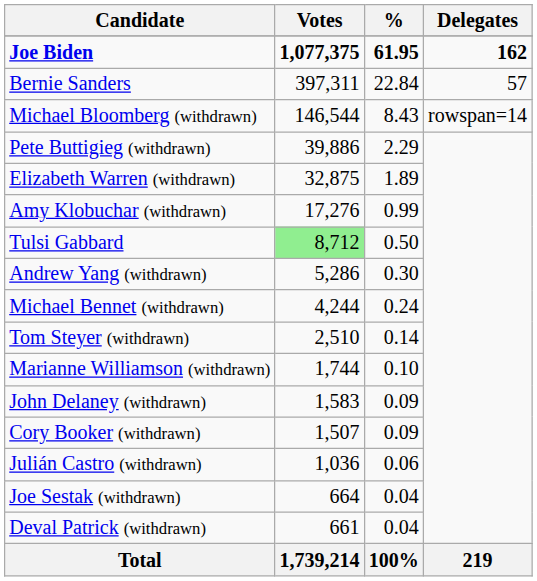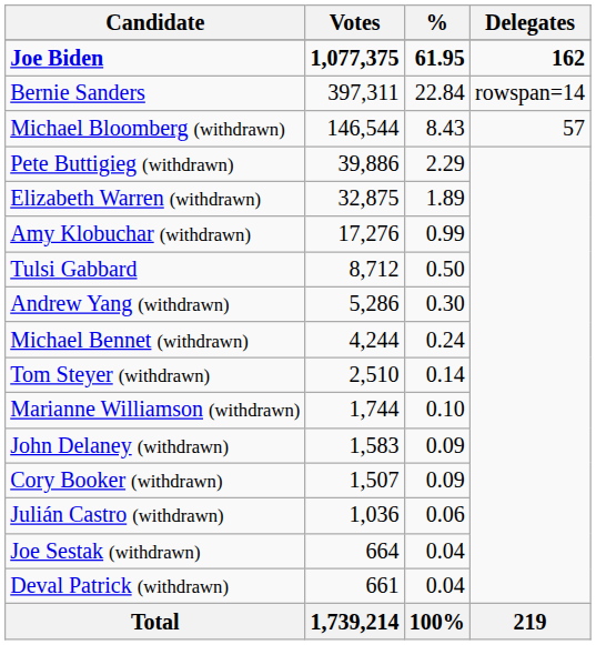 <table class="wikitable sortable" style="text-align:right;">
 <tr>
 <th>Candidate</th>
 <th>Votes</th>
 <th>%</th>
 <th>Delegates</th>
 </tr>
 <tr>
 </tr>
 <tr>
 <td style="text-align:left;" data-sort-value="Biden, Joe"><strong><a href='#'>Joe Biden</a></strong></td>
 <td><strong>1,077,375</strong></td>
 <td><strong>61.95</strong></td>
 <td><strong>162</strong></td>
 </tr>
 <tr>
 <td style="text-align:left;" data-sort-value="Sanders, Bernie"><a href='#'>Bernie Sanders</a></td>
 <td>397,311</td>
 <td>22.84</td>
-<td>57</td>
+<td>rowspan=14 </td>
 </tr>
 <tr>
 <td style="text-align:left;" data-sort-value="Bloomberg, Michael"><a href='#'>Michael Bloomberg</a> <small>(withdrawn)</small></td>
 <td>146,544</td>
 <td>8.43</td>
-<td>rowspan=14 </td>
+<td>57</td>
 </tr>
 <tr>
 <td style="text-align:left;" data-sort-value="Buttigieg, Pete"><a href='#'>Pete Buttigieg</a> <small>(withdrawn)</small></td>
 <td>39,886</td>
 <td>2.29</td>
 </tr>
 <tr>
 <td style="text-align:left;" data-sort-value="Warren, Elizabeth"><a href='#'>Elizabeth Warren</a> <small>(withdrawn)</small></td>
 <td>32,875</td>
 <td>1.89</td>
 </tr>
 <tr>
 <td style="text-align:left;" data-sort-value="Klobuchar, Amy"><a href='#'>Amy Klobuchar</a> <small>(withdrawn)</small></td>
 <td>17,276</td>
 <td>0.99</td>
 </tr>
 <tr>
 <td style="text-align:left;" data-sort-value="Gabbard, Tulsi"><a href='#'>Tulsi Gabbard</a></td>
-<td style="background: lightgreen;">8,712</td>
+<td>8,712</td>
 <td>0.50</td>
 </tr>
 <tr>
 <td style="text-align:left;" data-sort-value="Yang, Andrew"><a href='#'>Andrew Yang</a> <small>(withdrawn)</small></td>
 <td>5,286</td>
 <td>0.30</td>
 </tr>
 <tr>
 <td style="text-align:left;" data-sort-value="Bennet, Michael"><a href='#'>Michael Bennet</a> <small>(withdrawn)</small></td>
 <td>4,244</td>
 <td>0.24</td>
 </tr>
 <tr>
 <td style="text-align:left;" data-sort-value="Steyer, Tom"><a href='#'>Tom Steyer</a> <small>(withdrawn)</small></td>
 <td>2,510</td>
 <td>0.14</td>
 </tr>
 <tr>
 <td style="text-align:left;" data-sort-value="Williamson, Marianne"><a href='#'>Marianne Williamson</a> <small>(withdrawn)</small></td>
 <td>1,744</td>
 <td>0.10</td>
 </tr>
 <tr>
 <td style="text-align:left;" data-sort-value="Delaney, John"><a href='#'>John Delaney</a> <small>(withdrawn)</small></td>
 <td>1,583</td>
 <td>0.09</td>
 </tr>
 <tr>
 <td style="text-align:left;" data-sort-value="Booker, Cory"><a href='#'>Cory Booker</a> <small>(withdrawn)</small></td>
 <td>1,507</td>
 <td>0.09</td>
 </tr>
 <tr>
 <td style="text-align:left;" data-sort-value="Castro, Julian"><a href='#'>Julián Castro</a> <small>(withdrawn)</small></td>
 <td>1,036</td>
 <td>0.06</td>
 </tr>
 <tr>
 <td style="text-align:left;" data-sort-value="Sestak, Joe"><a href='#'>Joe Sestak</a> <small>(withdrawn)</small></td>
 <td>664</td>
 <td>0.04</td>
 </tr>
 <tr>
 <td style="text-align:left;" data-sort-value="Patrick, Deval"><a href='#'>Deval Patrick</a> <small>(withdrawn)</small></td>
 <td>661</td>
 <td>0.04</td>
 </tr>
 <tr>
 <th>Total</th>
 <th>1,739,214</th>
 <th>100%</th>
 <th>219</th>
 </tr>
 </table>
